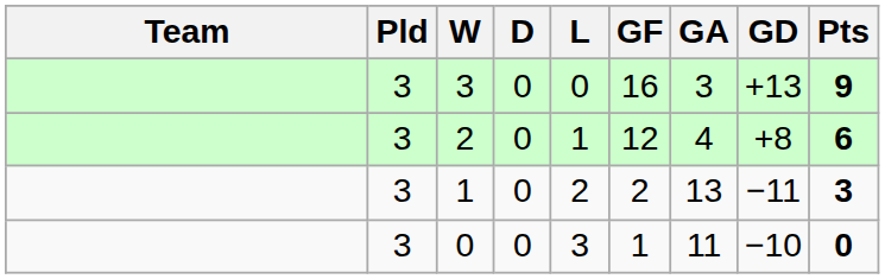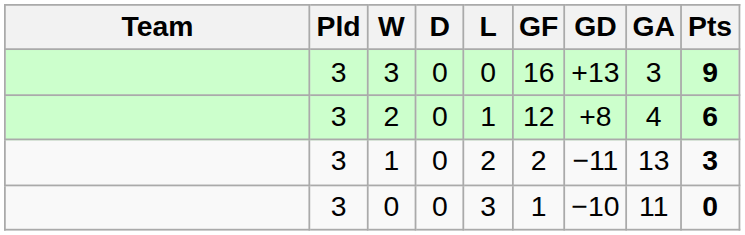 <table class="wikitable" style="text-align:center;">
 <tr>
 <th width=165>Team</th>
 <th width=20>Pld</th>
 <th width=20>W</th>
 <th width=20>D</th>
 <th width=20>L</th>
 <th width=20>GF</th>
+<th width=20>GD</th>
 <th width=20>GA</th>
-<th width=20>GD</th>
 <th width=20>Pts</th>
 </tr>
 <tr style="background:#cfc;">
 <td style="text-align:left;"></td>
 <td>3</td>
 <td>3</td>
 <td>0</td>
 <td>0</td>
 <td>16</td>
+<td>+13</td>
 <td>3</td>
-<td>+13</td>
 <td><strong>9</strong></td>
 </tr>
 <tr style="background:#cfc;">
 <td style="text-align:left;"></td>
 <td>3</td>
 <td>2</td>
 <td>0</td>
 <td>1</td>
 <td>12</td>
+<td>+8</td>
 <td>4</td>
-<td>+8</td>
 <td><strong>6</strong></td>
 </tr>
 <tr>
 <td style="text-align:left;"></td>
 <td>3</td>
 <td>1</td>
 <td>0</td>
 <td>2</td>
 <td>2</td>
+<td>−11</td>
 <td>13</td>
-<td>−11</td>
 <td><strong>3</strong></td>
 </tr>
 <tr>
 <td style="text-align:left;"></td>
 <td>3</td>
 <td>0</td>
 <td>0</td>
 <td>3</td>
 <td>1</td>
+<td>−10</td>
 <td>11</td>
-<td>−10</td>
 <td><strong>0</strong></td>
 </tr>
 </table>
